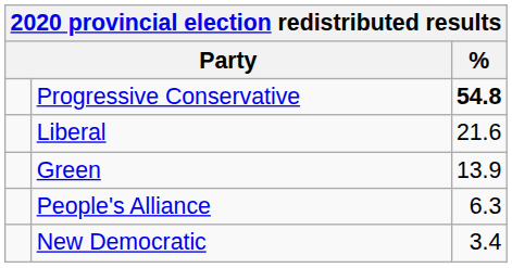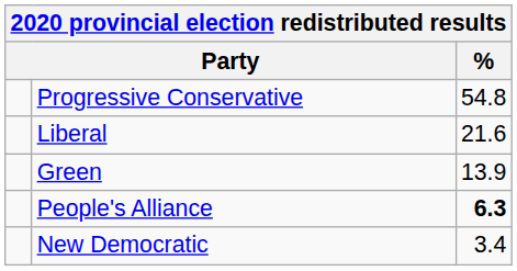 <table class="wikitable">
 <tr>
 <th colspan="4"><a href='#'>2020 provincial election</a> redistributed results</th>
 </tr>
 <tr>
 <th bgcolor="#DDDDFF" width="130px" colspan="2">Party</th>
 <th bgcolor="#DDDDFF" width="30px">%</th>
 </tr>
 <tr>
 <td> </td>
 <td><a href='#'>Progressive Conservative</a></td>
-<td align=right><strong>54.8</strong></td>
+<td align=right>54.8</td>
 </tr>
 <tr>
 <td> </td>
 <td><a href='#'>Liberal</a></td>
 <td align=right>21.6</td>
 </tr>
 <tr>
 <td> </td>
 <td><a href='#'>Green</a></td>
 <td align=right>13.9</td>
 </tr>
 <tr>
 <td> </td>
 <td><a href='#'>People's Alliance</a></td>
-<td align=right>6.3</td>
+<td align=right><strong>6.3</strong></td>
 </tr>
 <tr>
 <td> </td>
 <td><a href='#'>New Democratic</a></td>
 <td align=right>3.4</td>
 </tr>
 </table>
